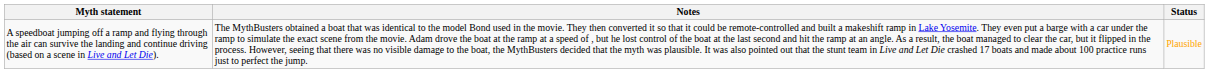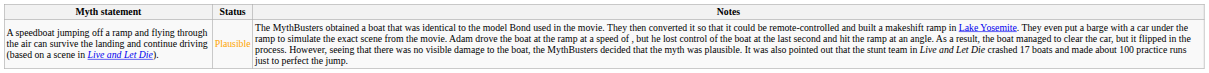 <table class="wikitable plainrowheaders">
 <tr>
 <th>Myth statement</th>
+<th>Status</th>
 <th>Notes</th>
-<th>Status</th>
 </tr>
 <tr>
 <td>A speedboat jumping off a ramp and flying through the air can survive the landing and continue driving (based on a scene in <em><a href='#'>Live and Let Die</a></em>).</td>
+<td style="color:orange">Plausible</td>
 <td>The MythBusters obtained a boat that was identical to the model Bond used in the movie. They then converted it so that it could be remote-controlled and built a makeshift ramp in <a href='#'>Lake Yosemite</a>. They even put a barge with a car under the ramp to simulate the exact scene from the movie. Adam drove the boat at the ramp at a speed of , but he lost control of the boat at the last second and hit the ramp at an angle. As a result, the boat managed to clear the car, but it flipped in the process. However, seeing that there was no visible damage to the boat, the MythBusters decided that the myth was plausible. It was also pointed out that the stunt team in <em>Live and Let Die</em> crashed 17 boats and made about 100 practice runs just to perfect the jump.</td>
-<td style="color:orange">Plausible</td>
 </tr>
 </table>
